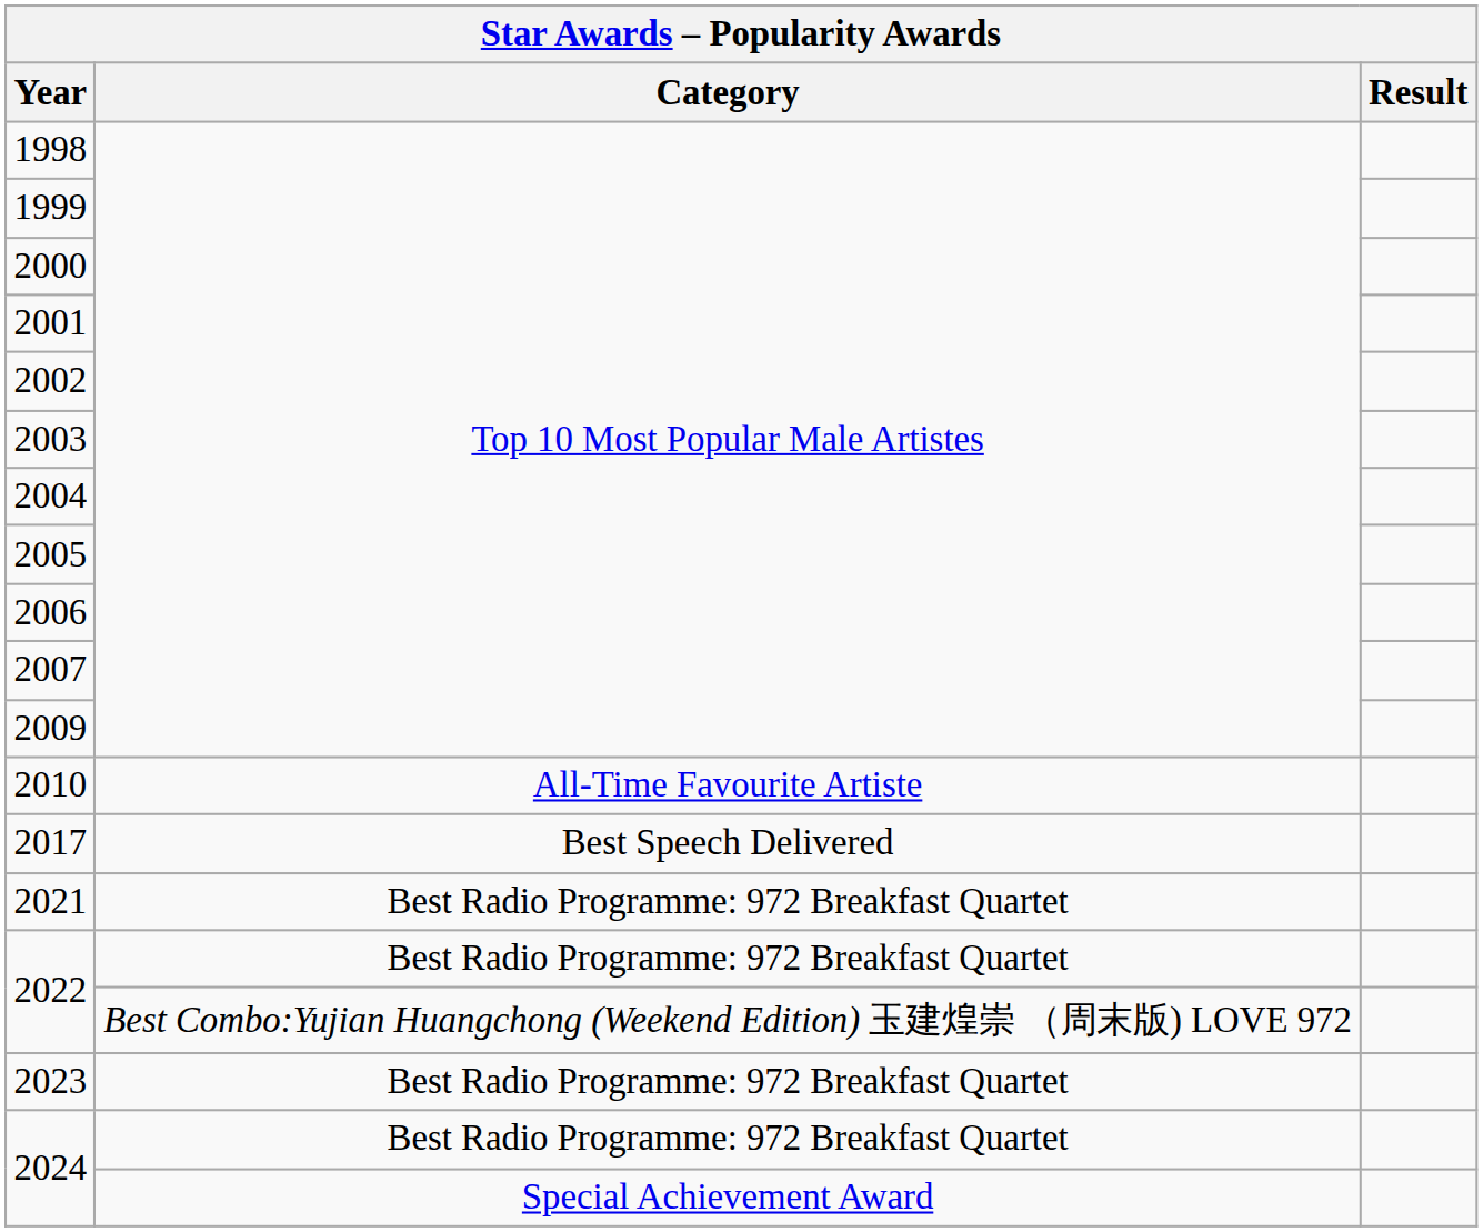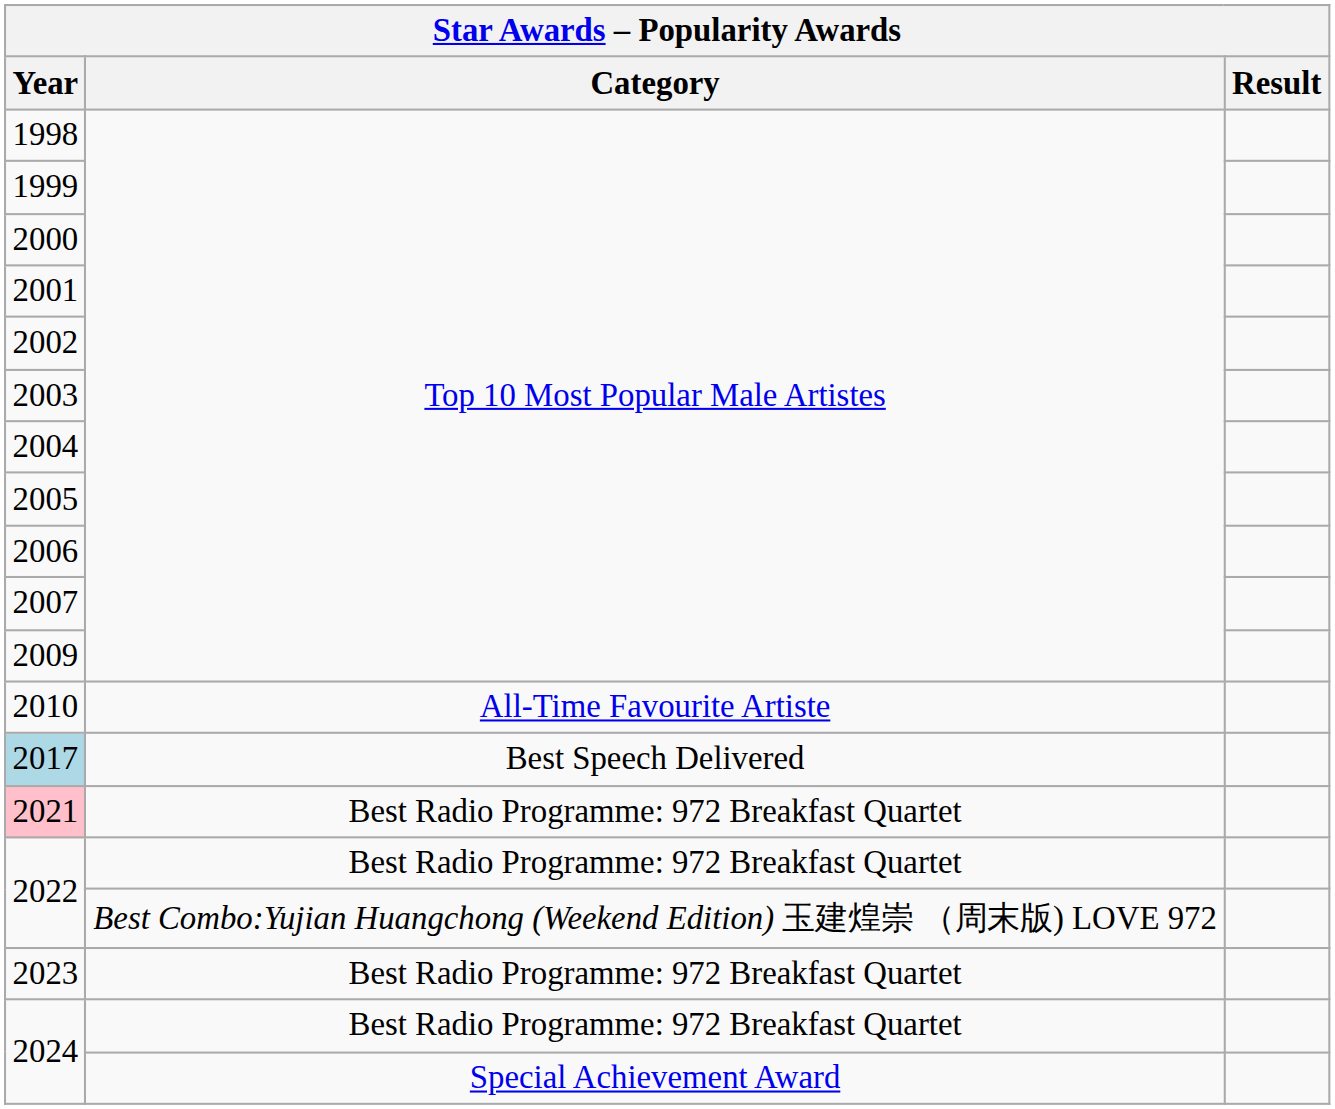 <table class="wikitable sortable" style="text-align: center;">
 <tr>
 <th colspan="4" align="center"><a href='#'>Star Awards</a> – Popularity Awards</th>
 </tr>
 <tr>
 <th>Year</th>
 <th>Category</th>
 <th>Result</th>
 </tr>
 <tr>
 <td>1998</td>
 <td rowspan="11"><a href='#'>Top 10 Most Popular Male Artistes</a></td>
 <td></td>
 </tr>
 <tr>
 <td>1999</td>
 <td></td>
 </tr>
 <tr>
 <td>2000</td>
 <td></td>
 </tr>
 <tr>
 <td>2001</td>
 <td></td>
 </tr>
 <tr>
 <td>2002</td>
 <td></td>
 </tr>
 <tr>
 <td>2003</td>
 <td></td>
 </tr>
 <tr>
 <td>2004</td>
 <td></td>
 </tr>
 <tr>
 <td>2005</td>
 <td></td>
 </tr>
 <tr>
 <td>2006</td>
 <td></td>
 </tr>
 <tr>
 <td>2007</td>
 <td></td>
 </tr>
 <tr>
 <td>2009</td>
 <td></td>
 </tr>
 <tr>
 <td>2010</td>
 <td><a href='#'>All-Time Favourite Artiste</a></td>
 <td></td>
 </tr>
 <tr>
-<td>2017</td>
+<td style="background: lightblue;">2017</td>
 <td>Best Speech Delivered</td>
 <td></td>
 </tr>
 <tr>
-<td>2021</td>
+<td style="background: pink;">2021</td>
 <td>Best Radio Programme: 972 Breakfast Quartet</td>
 <td></td>
 </tr>
 <tr>
 <td rowspan="2">2022</td>
 <td>Best Radio Programme: 972 Breakfast Quartet</td>
 <td></td>
 </tr>
 <tr>
 <td><em>Best Combo:Yujian Huangchong (Weekend Edition)</em> 玉建煌崇 （周末版) LOVE 972</td>
 <td></td>
 </tr>
 <tr>
 <td>2023</td>
 <td>Best Radio Programme: 972 Breakfast Quartet</td>
 <td></td>
 </tr>
 <tr>
 <td rowspan="2">2024</td>
 <td>Best Radio Programme: 972 Breakfast Quartet</td>
 <td></td>
 </tr>
 <tr>
 <td><a href='#'>Special Achievement Award</a></td>
 <td></td>
 </tr>
 </table>
